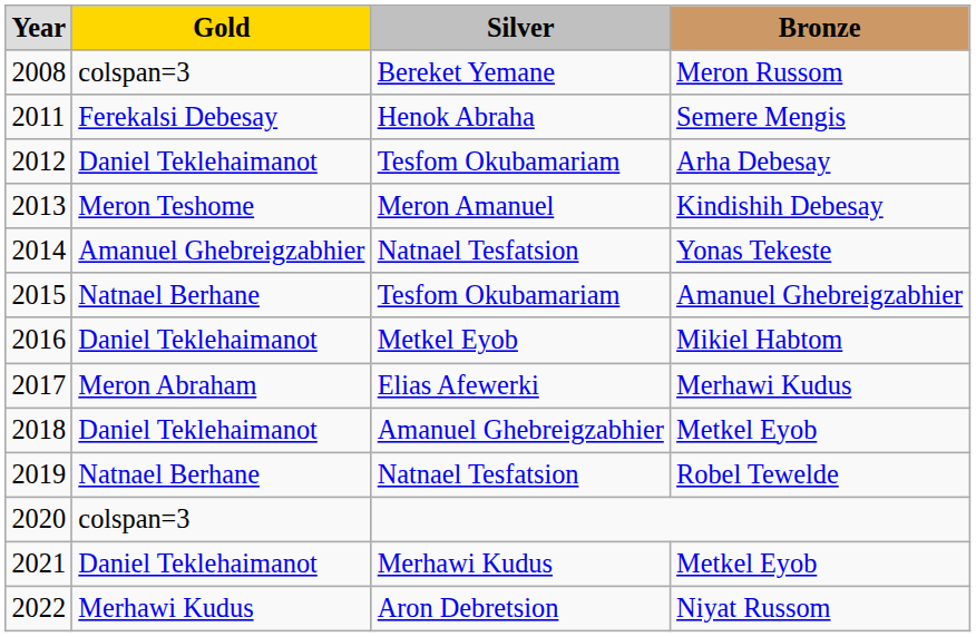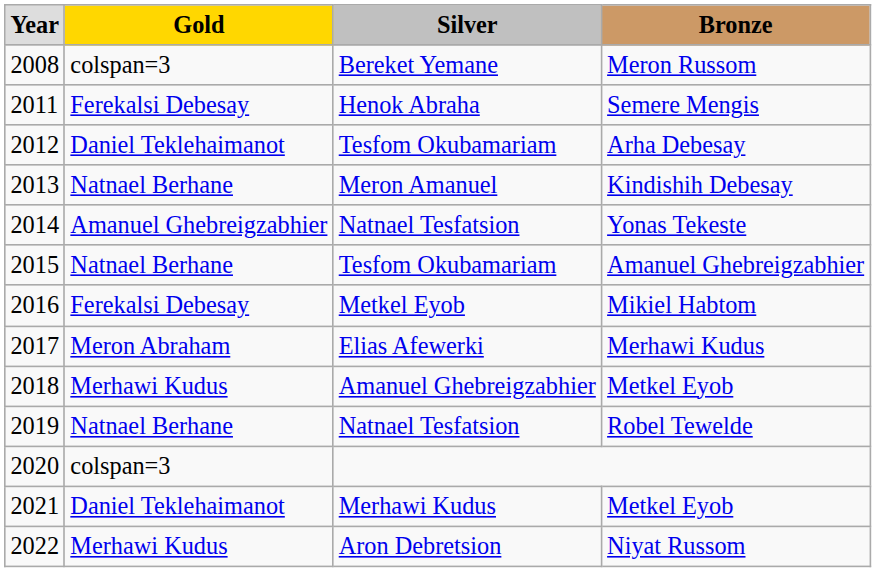 <table class="wikitable sortable alternance" style="font-size:95%">
 <tr>
 <td style="background:#DDDDDD; font-weight:bold; text-align:center;">Year</td>
 <td style="background:gold; font-weight:bold; text-align:center;">Gold</td>
 <td style="background:silver; font-weight:bold; text-align:center;">Silver</td>
 <td style="background:#cc9966; font-weight:bold; text-align:center;">Bronze</td>
 </tr>
 <tr>
 <td>2008</td>
 <td>colspan=3 </td>
 <td><a href='#'>Bereket Yemane</a></td>
 <td><a href='#'>Meron Russom</a></td>
 </tr>
 <tr>
 <td>2011</td>
 <td><a href='#'>Ferekalsi Debesay</a></td>
 <td><a href='#'>Henok Abraha</a></td>
 <td><a href='#'>Semere Mengis</a></td>
 </tr>
 <tr>
 <td>2012</td>
 <td><a href='#'>Daniel Teklehaimanot</a></td>
 <td><a href='#'>Tesfom Okubamariam</a></td>
 <td><a href='#'>Arha Debesay</a></td>
 </tr>
 <tr>
 <td>2013</td>
-<td><a href='#'>Meron Teshome</a></td>
+<td><a href='#'>Natnael Berhane</a></td>
 <td><a href='#'>Meron Amanuel</a></td>
 <td><a href='#'>Kindishih Debesay</a></td>
 </tr>
 <tr>
 <td>2014</td>
 <td><a href='#'>Amanuel Ghebreigzabhier</a></td>
 <td><a href='#'>Natnael Tesfatsion</a></td>
 <td><a href='#'>Yonas Tekeste</a></td>
 </tr>
 <tr>
 <td>2015</td>
 <td><a href='#'>Natnael Berhane</a></td>
 <td><a href='#'>Tesfom Okubamariam</a></td>
 <td><a href='#'>Amanuel Ghebreigzabhier</a></td>
 </tr>
 <tr>
 <td>2016</td>
-<td><a href='#'>Daniel Teklehaimanot</a></td>
+<td><a href='#'>Ferekalsi Debesay</a></td>
 <td><a href='#'>Metkel Eyob</a></td>
 <td><a href='#'>Mikiel Habtom</a></td>
 </tr>
 <tr>
 <td>2017</td>
 <td><a href='#'>Meron Abraham</a></td>
 <td><a href='#'>Elias Afewerki</a></td>
 <td><a href='#'>Merhawi Kudus</a></td>
 </tr>
 <tr>
 <td>2018</td>
-<td><a href='#'>Daniel Teklehaimanot</a></td>
+<td><a href='#'>Merhawi Kudus</a></td>
 <td><a href='#'>Amanuel Ghebreigzabhier</a></td>
 <td><a href='#'>Metkel Eyob</a></td>
 </tr>
 <tr>
 <td>2019</td>
 <td><a href='#'>Natnael Berhane</a></td>
 <td><a href='#'>Natnael Tesfatsion</a></td>
 <td><a href='#'>Robel Tewelde</a></td>
 </tr>
 <tr>
 <td>2020</td>
 <td>colspan=3 </td>
 </tr>
 <tr>
 <td>2021</td>
 <td><a href='#'>Daniel Teklehaimanot</a></td>
 <td><a href='#'>Merhawi Kudus</a></td>
 <td><a href='#'>Metkel Eyob</a></td>
 </tr>
 <tr>
 <td>2022</td>
 <td><a href='#'>Merhawi Kudus</a></td>
 <td><a href='#'>Aron Debretsion</a></td>
 <td><a href='#'>Niyat Russom</a></td>
 </tr>
 </table>
